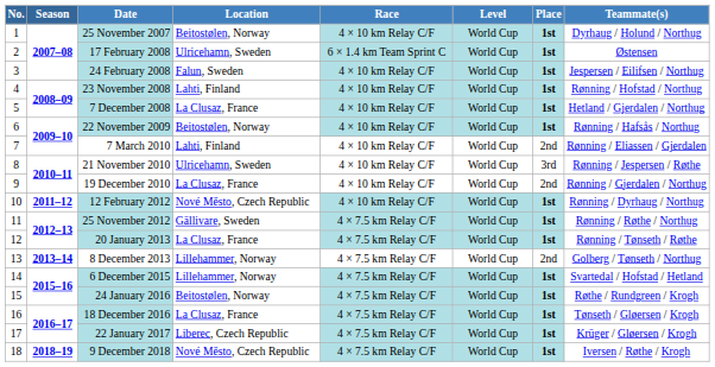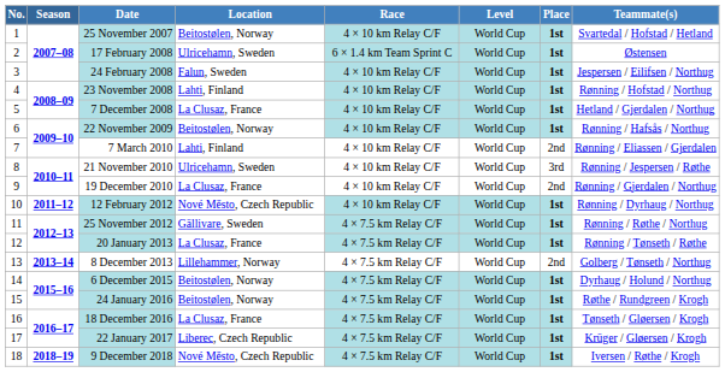 <table class="wikitable sortable" style="font-size:95%; text-align:center; border:grey solid 1px; border-collapse:collapse; background:#ffffff;">
 <tr style="background:#efefef;">
 <th style="background-color:#369; color:white;">No.</th>
 <th style="background-color:#369; color:white;">Season</th>
 <th style="background-color:#4180be; color:white; width:120px;">Date</th>
 <th style="background-color:#4180be; color:white; width:190px;">Location</th>
 <th style="background-color:#4180be; color:white; width:170px;">Race</th>
 <th style="background-color:#4180be; color:white; width:100px;">Level</th>
 <th style="background-color:#4180be; color:white;">Place</th>
 <th style="background-color:#4180be; color:white;">Teammate(s)</th>
 </tr>
 <tr>
 <td align=center>1</td>
 <td rowspan=3 align=center><strong><a href='#'>2007–08</a></strong></td>
 <td bgcolor="#BOEOE6" align=right>25 November 2007</td>
 <td align=left> <a href='#'>Beitostølen</a>, Norway</td>
 <td bgcolor="#BOEOE6">4 × 10 km Relay C/F</td>
 <td bgcolor="#BOEOE6">World Cup</td>
 <td bgcolor="#BOEOE6"><strong>1st</strong></td>
-<td><a href='#'>Dyrhaug</a> / <a href='#'>Holund</a> / <a href='#'>Northug</a></td>
+<td><a href='#'>Svartedal</a> / <a href='#'>Hofstad</a> / <a href='#'>Hetland</a></td>
 </tr>
 <tr>
 <td align=center>2</td>
 <td bgcolor="#BOEOE6" align=right>17 February 2008</td>
 <td align=left> <a href='#'>Ulricehamn</a>, Sweden</td>
 <td bgcolor="#BOEOE6">6 × 1.4 km Team Sprint C</td>
 <td bgcolor="#BOEOE6">World Cup</td>
 <td bgcolor="#BOEOE6"><strong>1st</strong></td>
 <td><a href='#'>Østensen</a></td>
 </tr>
 <tr>
 <td align=center>3</td>
 <td bgcolor="#BOEOE6" align=right>24 February 2008</td>
 <td align=left> <a href='#'>Falun</a>, Sweden</td>
 <td bgcolor="#BOEOE6">4 × 10 km Relay C/F</td>
 <td bgcolor="#BOEOE6">World Cup</td>
 <td bgcolor="#BOEOE6"><strong>1st</strong></td>
 <td><a href='#'>Jespersen</a> / <a href='#'>Eilifsen</a> / <a href='#'>Northug</a></td>
 </tr>
 <tr>
 <td align=center>4</td>
 <td rowspan=2 align=center><strong><a href='#'>2008–09</a></strong></td>
 <td bgcolor="#BOEOE6" align=right>23 November 2008</td>
 <td align=left> <a href='#'>Lahti</a>, Finland</td>
 <td bgcolor="#BOEOE6">4 × 10 km Relay C/F</td>
 <td bgcolor="#BOEOE6">World Cup</td>
 <td bgcolor="#BOEOE6"><strong>1st</strong></td>
 <td><a href='#'>Rønning</a> / <a href='#'>Hofstad</a> / <a href='#'>Northug</a></td>
 </tr>
 <tr>
 <td align=center>5</td>
 <td bgcolor="#BOEOE6" align=right>7 December 2008</td>
 <td align=left> <a href='#'>La Clusaz</a>, France</td>
 <td bgcolor="#BOEOE6">4 × 10 km Relay C/F</td>
 <td bgcolor="#BOEOE6">World Cup</td>
 <td bgcolor="#BOEOE6"><strong>1st</strong></td>
 <td><a href='#'>Hetland</a> / <a href='#'>Gjerdalen</a> / <a href='#'>Northug</a></td>
 </tr>
 <tr>
 <td align=center>6</td>
 <td rowspan=2 align=center><strong><a href='#'>2009–10</a></strong></td>
 <td bgcolor="#BOEOE6" align=right>22 November 2009</td>
 <td align=left> <a href='#'>Beitostølen</a>, Norway</td>
 <td bgcolor="#BOEOE6">4 × 10 km Relay C/F</td>
 <td bgcolor="#BOEOE6">World Cup</td>
 <td bgcolor="#BOEOE6"><strong>1st</strong></td>
 <td><a href='#'>Rønning</a> / <a href='#'>Hafsås</a> / <a href='#'>Northug</a></td>
 </tr>
 <tr>
 <td align=center>7</td>
 <td align=right>7 March 2010</td>
 <td align=left> <a href='#'>Lahti</a>, Finland</td>
 <td>4 × 10 km Relay C/F</td>
 <td>World Cup</td>
 <td>2nd</td>
 <td><a href='#'>Rønning</a> / <a href='#'>Eliassen</a> / <a href='#'>Gjerdalen</a></td>
 </tr>
 <tr>
 <td align=center>8</td>
 <td rowspan=2 align=center><strong> <a href='#'>2010–11</a> </strong></td>
 <td align=right>21 November 2010</td>
 <td align=left> <a href='#'>Ulricehamn</a>, Sweden</td>
 <td>4 × 10 km Relay C/F</td>
 <td>World Cup</td>
 <td>3rd</td>
 <td><a href='#'>Rønning</a> / <a href='#'>Jespersen</a> / <a href='#'>Røthe</a></td>
 </tr>
 <tr>
 <td align=center>9</td>
 <td align=right>19 December 2010</td>
 <td align=left> <a href='#'>La Clusaz</a>, France</td>
 <td>4 × 10 km Relay C/F</td>
 <td>World Cup</td>
 <td>2nd</td>
 <td><a href='#'>Rønning</a> / <a href='#'>Gjerdalen</a> / <a href='#'>Northug</a></td>
 </tr>
 <tr>
 <td align=center>10</td>
 <td rowspan=1 align=center><strong><a href='#'>2011–12</a></strong></td>
 <td bgcolor="#BOEOE6" align=right>12 February 2012</td>
 <td align=left> <a href='#'>Nové Město</a>, Czech Republic</td>
 <td bgcolor="#BOEOE6">4 × 10 km Relay C/F</td>
 <td bgcolor="#BOEOE6">World Cup</td>
 <td bgcolor="#BOEOE6"><strong>1st</strong></td>
 <td><a href='#'>Rønning</a> / <a href='#'>Dyrhaug</a> / <a href='#'>Northug</a></td>
 </tr>
 <tr>
 <td align=center>11</td>
 <td rowspan=2 align=center><strong><a href='#'>2012–13</a></strong></td>
 <td bgcolor="#BOEOE6" align=right>25 November 2012</td>
 <td align=left> <a href='#'>Gällivare</a>, Sweden</td>
 <td bgcolor="#BOEOE6">4 × 7.5 km Relay C/F</td>
 <td bgcolor="#BOEOE6">World Cup</td>
 <td bgcolor="#BOEOE6"><strong>1st</strong></td>
 <td><a href='#'>Rønning</a> / <a href='#'>Røthe</a> / <a href='#'>Northug</a></td>
 </tr>
 <tr>
 <td align=center>12</td>
 <td bgcolor="#BOEOE6" align=right>20 January 2013</td>
 <td align=left> <a href='#'>La Clusaz</a>, France</td>
 <td bgcolor="#BOEOE6">4 × 7.5 km Relay C/F</td>
 <td bgcolor="#BOEOE6">World Cup</td>
 <td bgcolor="#BOEOE6"><strong>1st</strong></td>
 <td><a href='#'>Rønning</a> / <a href='#'>Tønseth</a> / <a href='#'>Røthe</a></td>
 </tr>
 <tr>
 <td align=center>13</td>
 <td rowspan=1 align=center><strong> <a href='#'>2013–14</a> </strong></td>
 <td align=right>8 December 2013</td>
 <td align=left> <a href='#'>Lillehammer</a>, Norway</td>
 <td>4 × 7.5 km Relay C/F</td>
 <td>World Cup</td>
 <td>2nd</td>
 <td><a href='#'>Golberg</a> / <a href='#'>Tønseth</a> / <a href='#'>Northug</a></td>
 </tr>
 <tr>
 <td align=center>14</td>
 <td rowspan=2 align=center><strong><a href='#'>2015–16</a></strong></td>
 <td bgcolor="#BOEOE6" align=right>6 December 2015</td>
-<td align=left> <a href='#'>Lillehammer</a>, Norway</td>
+<td align=left> <a href='#'>Beitostølen</a>, Norway</td>
 <td bgcolor="#BOEOE6">4 × 7.5 km Relay C/F</td>
 <td bgcolor="#BOEOE6">World Cup</td>
 <td bgcolor="#BOEOE6"><strong>1st</strong></td>
-<td><a href='#'>Svartedal</a> / <a href='#'>Hofstad</a> / <a href='#'>Hetland</a></td>
+<td><a href='#'>Dyrhaug</a> / <a href='#'>Holund</a> / <a href='#'>Northug</a></td>
 </tr>
 <tr>
 <td align=center>15</td>
 <td bgcolor="#BOEOE6" align=right>24 January 2016</td>
 <td align=left> <a href='#'>Beitostølen</a>, Norway</td>
 <td bgcolor="#BOEOE6">4 × 7.5 km Relay C/F</td>
 <td bgcolor="#BOEOE6">World Cup</td>
 <td bgcolor="#BOEOE6"><strong>1st</strong></td>
 <td><a href='#'>Røthe</a> / <a href='#'>Rundgreen</a> / <a href='#'>Krogh</a></td>
 </tr>
 <tr>
 <td align=center>16</td>
 <td rowspan=2 align=center><strong><a href='#'>2016–17</a></strong></td>
 <td bgcolor="#BOEOE6" align=right>18 December 2016</td>
 <td align=left> <a href='#'>La Clusaz</a>, France</td>
 <td bgcolor="#BOEOE6">4 × 7.5 km Relay C/F</td>
 <td bgcolor="#BOEOE6">World Cup</td>
 <td bgcolor="#BOEOE6"><strong>1st</strong></td>
 <td><a href='#'>Tønseth</a> / <a href='#'>Gløersen</a> / <a href='#'>Krogh</a></td>
 </tr>
 <tr>
 <td align=center>17</td>
 <td bgcolor="#BOEOE6" align=right>22 January 2017</td>
 <td align=left> <a href='#'>Liberec</a>, Czech Republic</td>
 <td bgcolor="#BOEOE6">4 × 7.5 km Relay C/F</td>
 <td bgcolor="#BOEOE6">World Cup</td>
 <td bgcolor="#BOEOE6"><strong>1st</strong></td>
 <td><a href='#'>Krüger</a> / <a href='#'>Gløersen</a> / <a href='#'>Krogh</a></td>
 </tr>
 <tr>
 <td align=center>18</td>
 <td rowspan=1 align=center><strong><a href='#'>2018–19</a></strong></td>
 <td bgcolor="#BOEOE6" align=right>9 December 2018</td>
 <td align=left> <a href='#'>Nové Město</a>, Czech Republic</td>
 <td bgcolor="#BOEOE6">4 × 7.5 km Relay C/F</td>
 <td bgcolor="#BOEOE6">World Cup</td>
 <td bgcolor="#BOEOE6"><strong>1st</strong></td>
 <td><a href='#'>Iversen</a> / <a href='#'>Røthe</a> / <a href='#'>Krogh</a></td>
 </tr>
 </table>
